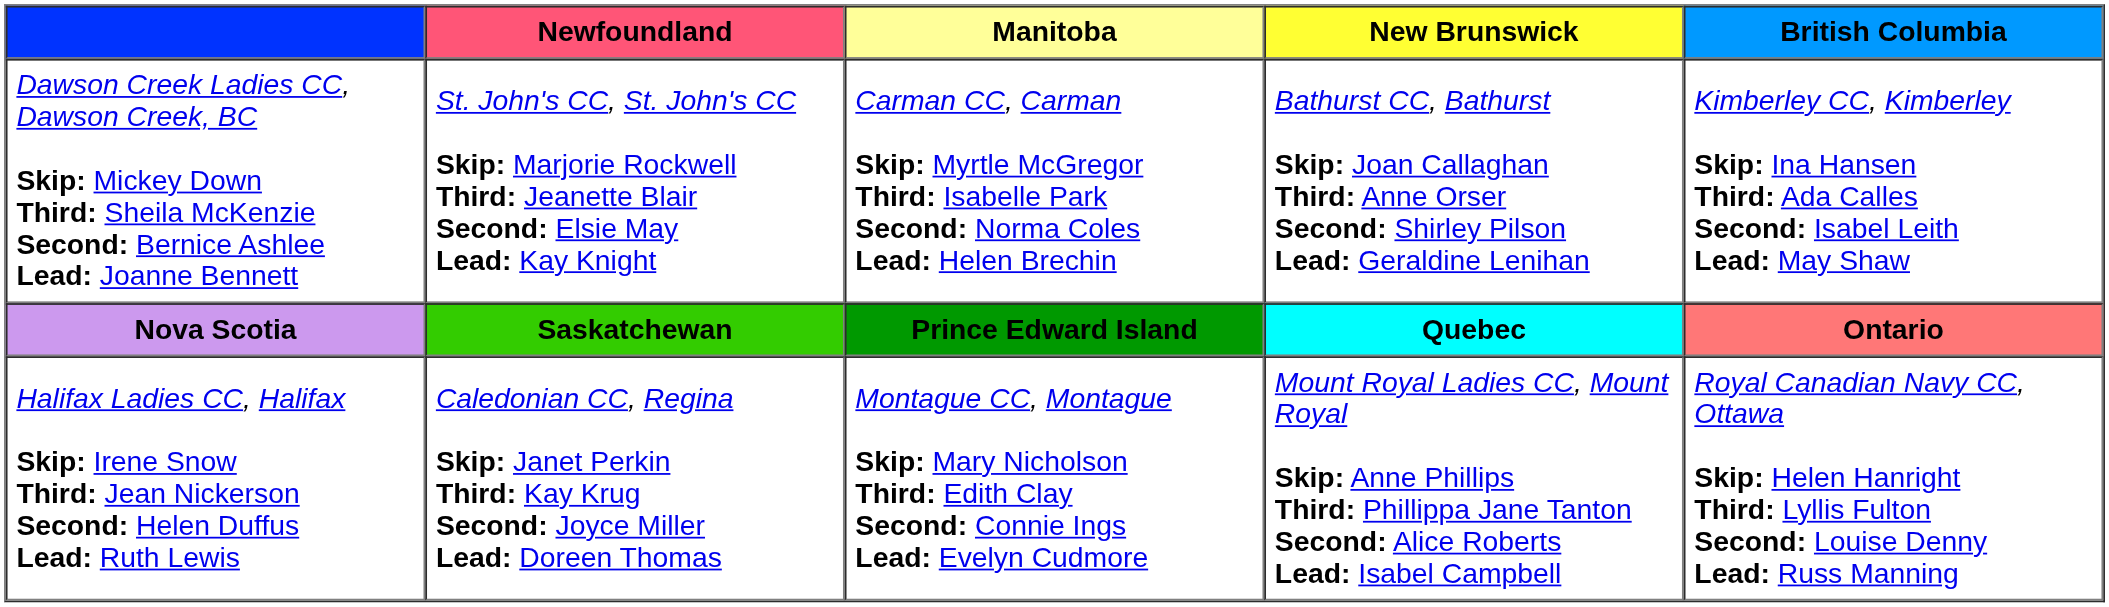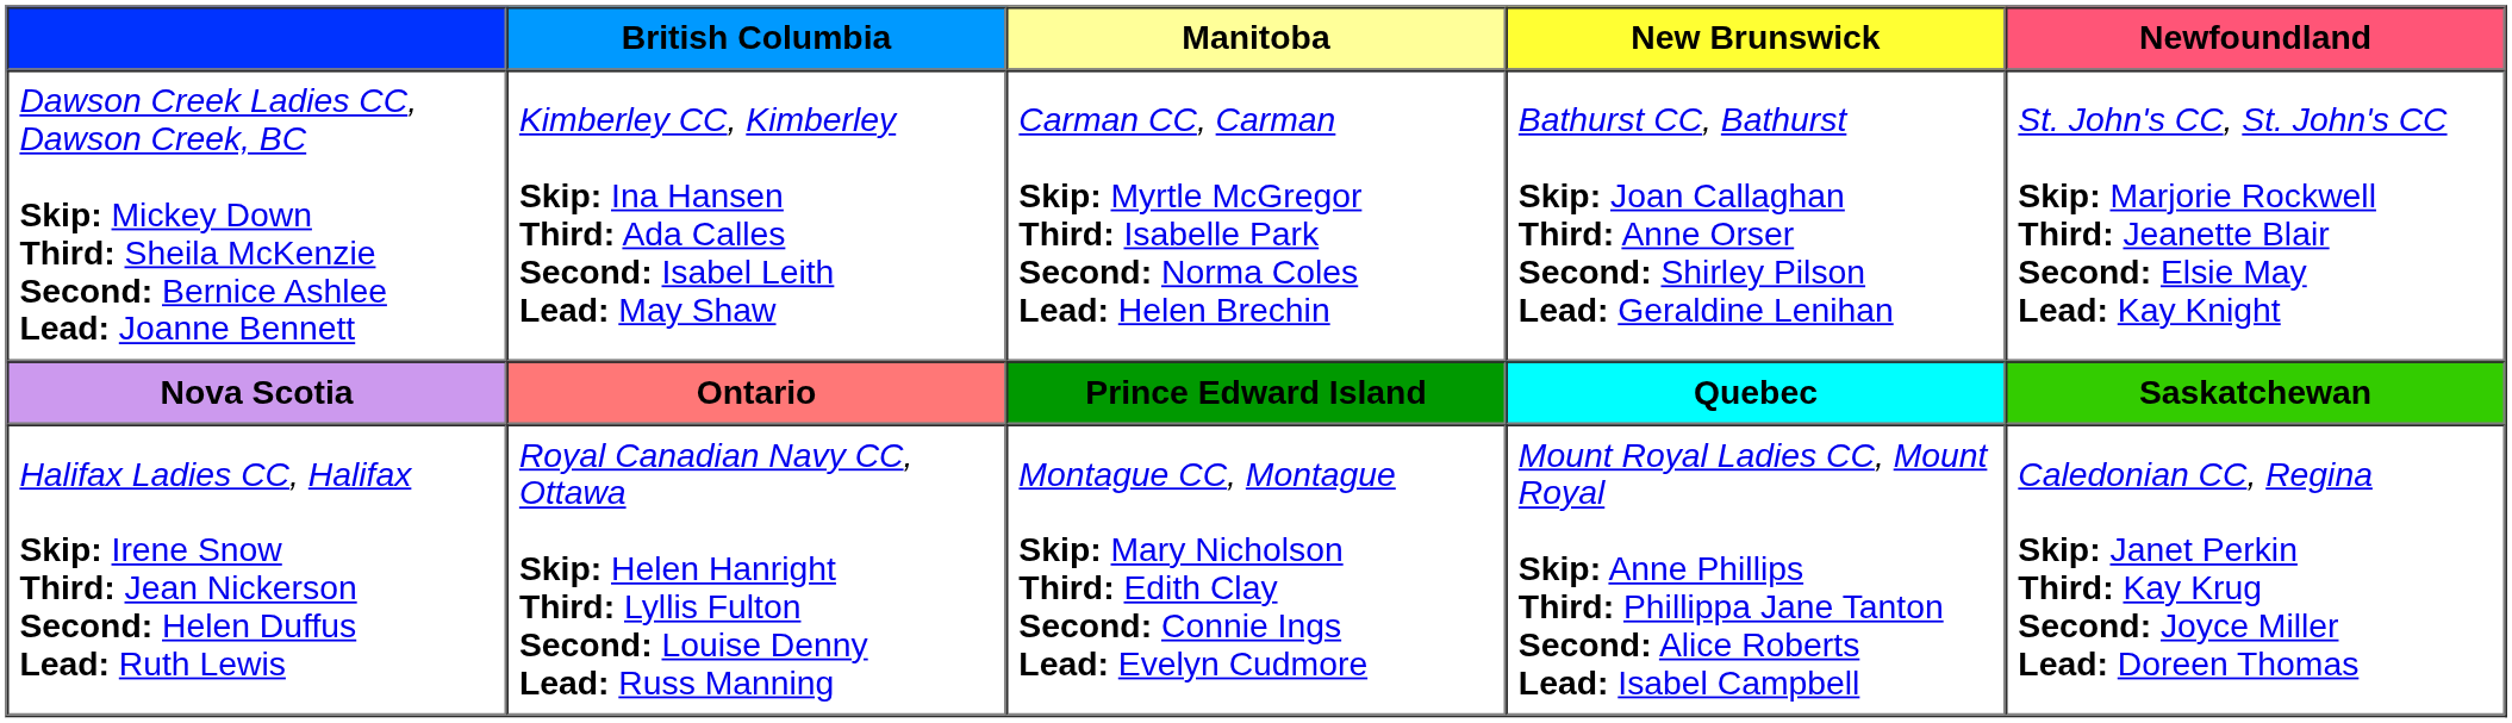 <table border=1 cellpadding=5 cellspacing=0>
 <tr>
 <th bgcolor="#0033ff" width="225"></th>
-<th bgcolor="#ff5577" width="225">Newfoundland</th>
+<th bgcolor="#0099ff" width="225">British Columbia</th>
 <th bgcolor="#ffff99" width="225">Manitoba</th>
 <th bgcolor="#ffff33" width="225">New Brunswick</th>
-<th bgcolor="#0099ff" width="225">British Columbia</th>
+<th bgcolor="#ff5577" width="225">Newfoundland</th>
 </tr>
 <tr>
 <td><em><a href='#'>Dawson Creek Ladies CC</a>, <a href='#'>Dawson Creek, BC</a></em> <br><br><strong>Skip:</strong>  <a href='#'>Mickey Down</a> <br> <strong>Third:</strong>  <a href='#'>Sheila McKenzie</a> <br> <strong>Second:</strong>  <a href='#'>Bernice Ashlee</a> <br> <strong>Lead:</strong> <a href='#'>Joanne Bennett</a></td>
-<td><em><a href='#'>St. John's CC</a>, <a href='#'>St. John's CC</a></em> <br><br><strong>Skip:</strong> <a href='#'>Marjorie Rockwell</a> <br> <strong>Third:</strong> <a href='#'>Jeanette Blair</a> <br> <strong>Second:</strong> <a href='#'>Elsie May</a> <br> <strong>Lead:</strong> <a href='#'>Kay Knight</a></td>
+<td><em><a href='#'>Kimberley CC</a>, <a href='#'>Kimberley</a></em> <br><br><strong>Skip:</strong>  <a href='#'>Ina Hansen</a> <br> <strong>Third:</strong>  <a href='#'>Ada Calles</a> <br> <strong>Second:</strong>  <a href='#'>Isabel Leith</a> <br> <strong>Lead:</strong> <a href='#'>May Shaw</a></td>
 <td><em><a href='#'>Carman CC</a>, <a href='#'>Carman</a></em> <br><br><strong>Skip:</strong> <a href='#'>Myrtle McGregor</a> <br> <strong>Third:</strong> <a href='#'>Isabelle Park</a> <br> <strong>Second:</strong> <a href='#'>Norma Coles</a> <br> <strong>Lead:</strong> <a href='#'>Helen Brechin</a></td>
 <td><em><a href='#'>Bathurst CC</a>, <a href='#'>Bathurst</a></em> <br><br><strong>Skip:</strong> <a href='#'>Joan Callaghan</a> <br> <strong>Third:</strong> <a href='#'>Anne Orser</a> <br> <strong>Second:</strong> <a href='#'>Shirley Pilson</a> <br> <strong>Lead:</strong> <a href='#'>Geraldine Lenihan</a></td>
-<td><em><a href='#'>Kimberley CC</a>, <a href='#'>Kimberley</a></em> <br><br><strong>Skip:</strong>  <a href='#'>Ina Hansen</a> <br> <strong>Third:</strong>  <a href='#'>Ada Calles</a> <br> <strong>Second:</strong>  <a href='#'>Isabel Leith</a> <br> <strong>Lead:</strong> <a href='#'>May Shaw</a></td>
+<td><em><a href='#'>St. John's CC</a>, <a href='#'>St. John's CC</a></em> <br><br><strong>Skip:</strong> <a href='#'>Marjorie Rockwell</a> <br> <strong>Third:</strong> <a href='#'>Jeanette Blair</a> <br> <strong>Second:</strong> <a href='#'>Elsie May</a> <br> <strong>Lead:</strong> <a href='#'>Kay Knight</a></td>
 </tr>
 <tr border=1 cellpadding=5 cellspacing=0>
 <th bgcolor="#cc99ee" width="200">Nova Scotia</th>
-<th bgcolor="#33cc00" width="200">Saskatchewan</th>
+<th bgcolor="#ff7777" width="200">Ontario</th>
 <th bgcolor="#009900" width="200">Prince Edward Island</th>
 <th bgcolor="#00ffff" width="200">Quebec</th>
-<th bgcolor="#ff7777" width="200">Ontario</th>
+<th bgcolor="#33cc00" width="200">Saskatchewan</th>
 </tr>
 <tr>
 <td><em><a href='#'>Halifax Ladies CC</a>, <a href='#'>Halifax</a></em> <br><br><strong>Skip:</strong> <a href='#'>Irene Snow</a> <br> <strong>Third:</strong> <a href='#'>Jean Nickerson</a> <br> <strong>Second:</strong> <a href='#'>Helen Duffus</a> <br> <strong>Lead:</strong> <a href='#'>Ruth Lewis</a></td>
-<td><em><a href='#'>Caledonian CC</a>, <a href='#'>Regina</a></em> <br><br><strong>Skip:</strong> <a href='#'>Janet Perkin</a> <br> <strong>Third:</strong> <a href='#'>Kay Krug</a><br> <strong>Second:</strong> <a href='#'>Joyce Miller</a><br> <strong>Lead:</strong> <a href='#'>Doreen Thomas</a></td>
+<td><em><a href='#'>Royal Canadian Navy CC</a>, <a href='#'>Ottawa</a></em> <br><br><strong>Skip:</strong> <a href='#'>Helen Hanright</a> <br> <strong>Third:</strong> <a href='#'>Lyllis Fulton</a> <br> <strong>Second:</strong> <a href='#'>Louise Denny</a> <br> <strong>Lead:</strong> <a href='#'>Russ Manning</a></td>
 <td><em><a href='#'>Montague CC</a>, <a href='#'>Montague</a></em> <br><br><strong>Skip:</strong> <a href='#'>Mary Nicholson</a><br> <strong>Third:</strong> <a href='#'>Edith Clay</a><br> <strong>Second:</strong> <a href='#'>Connie Ings</a><br> <strong>Lead:</strong> <a href='#'>Evelyn Cudmore</a></td>
 <td><em><a href='#'>Mount Royal Ladies CC</a>, <a href='#'>Mount Royal</a></em> <br><br><strong>Skip:</strong> <a href='#'>Anne Phillips</a> <br> <strong>Third:</strong> <a href='#'>Phillippa Jane Tanton</a> <br> <strong>Second:</strong> <a href='#'>Alice Roberts</a> <br> <strong>Lead:</strong> <a href='#'>Isabel Campbell</a></td>
-<td><em><a href='#'>Royal Canadian Navy CC</a>, <a href='#'>Ottawa</a></em> <br><br><strong>Skip:</strong> <a href='#'>Helen Hanright</a> <br> <strong>Third:</strong> <a href='#'>Lyllis Fulton</a> <br> <strong>Second:</strong> <a href='#'>Louise Denny</a> <br> <strong>Lead:</strong> <a href='#'>Russ Manning</a></td>
+<td><em><a href='#'>Caledonian CC</a>, <a href='#'>Regina</a></em> <br><br><strong>Skip:</strong> <a href='#'>Janet Perkin</a> <br> <strong>Third:</strong> <a href='#'>Kay Krug</a><br> <strong>Second:</strong> <a href='#'>Joyce Miller</a><br> <strong>Lead:</strong> <a href='#'>Doreen Thomas</a></td>
 </tr>
 </table>
